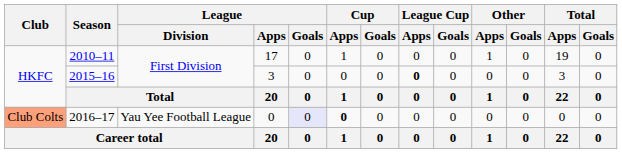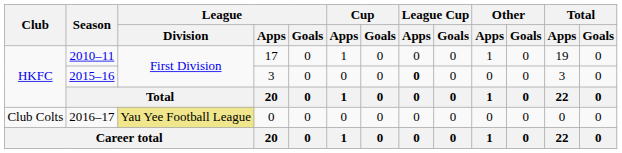 <table class="wikitable" style="text-align: center">
 <tr>
 <th rowspan="2">Club</th>
 <th rowspan="2">Season</th>
 <th colspan="3">League</th>
 <th colspan="2">Cup</th>
 <th colspan="2">League Cup</th>
 <th colspan="2">Other</th>
 <th colspan="2">Total</th>
 </tr>
 <tr>
 <th>Division</th>
 <th>Apps</th>
 <th>Goals</th>
 <th>Apps</th>
 <th>Goals</th>
 <th>Apps</th>
 <th>Goals</th>
 <th>Apps</th>
 <th>Goals</th>
 <th>Apps</th>
 <th>Goals</th>
 </tr>
 <tr>
 <td rowspan="3"><a href='#'>HKFC</a></td>
 <td><a href='#'>2010–11</a></td>
 <td rowspan="2"><a href='#'>First Division</a></td>
 <td>17</td>
 <td>0</td>
 <td>1</td>
 <td>0</td>
 <td>0</td>
 <td>0</td>
 <td>1</td>
 <td>0</td>
 <td>19</td>
 <td>0</td>
 </tr>
 <tr>
 <td><a href='#'>2015–16</a></td>
 <td>3</td>
 <td>0</td>
 <td>0</td>
 <td>0</td>
 <td><strong>0</strong></td>
 <td>0</td>
 <td>0</td>
 <td>0</td>
 <td>3</td>
 <td>0</td>
 </tr>
 <tr>
 <th colspan="2">Total</th>
 <th>20</th>
 <th>0</th>
 <th>1</th>
 <th>0</th>
 <th>0</th>
 <th>0</th>
 <th>1</th>
 <th>0</th>
 <th>22</th>
 <th>0</th>
 </tr>
 <tr>
-<td style="background: lightsalmon;">Club Colts</td>
+<td>Club Colts</td>
 <td>2016–17</td>
-<td>Yau Yee Football League</td>
+<td style="background: khaki;">Yau Yee Football League</td>
 <td>0</td>
-<td style="background: lavender;">0</td>
-<td><strong>0</strong></td>
+<td>0</td>
+<td>0</td>
 <td>0</td>
 <td>0</td>
 <td>0</td>
 <td>0</td>
 <td>0</td>
 <td>0</td>
 <td>0</td>
 </tr>
 <tr>
 <th colspan="3">Career total</th>
 <th>20</th>
 <th>0</th>
 <th>1</th>
 <th>0</th>
 <th>0</th>
 <th>0</th>
 <th>1</th>
 <th>0</th>
 <th>22</th>
 <th>0</th>
 </tr>
 </table>
